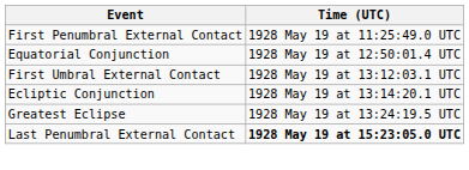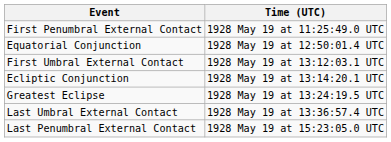 <table class="wikitable">
 <tr>
 <th>Event</th>
 <th>Time (UTC)</th>
 </tr>
 <tr>
 <td>First Penumbral External Contact</td>
 <td>1928 May 19 at 11:25:49.0 UTC</td>
 </tr>
 <tr>
 <td>Equatorial Conjunction</td>
 <td>1928 May 19 at 12:50:01.4 UTC</td>
 </tr>
 <tr>
 <td>First Umbral External Contact</td>
 <td>1928 May 19 at 13:12:03.1 UTC</td>
 </tr>
 <tr>
 <td>Ecliptic Conjunction</td>
 <td>1928 May 19 at 13:14:20.1 UTC</td>
 </tr>
 <tr>
 <td>Greatest Eclipse</td>
 <td>1928 May 19 at 13:24:19.5 UTC</td>
 </tr>
 <tr>
+<td>Last Umbral External Contact</td>
+<td>1928 May 19 at 13:36:57.4 UTC</td>
+</tr>
+<tr>
 <td>Last Penumbral External Contact</td>
-<td><strong>1928 May 19 at 15:23:05.0 UTC</strong></td>
+<td>1928 May 19 at 15:23:05.0 UTC</td>
 </tr>
 </table>
